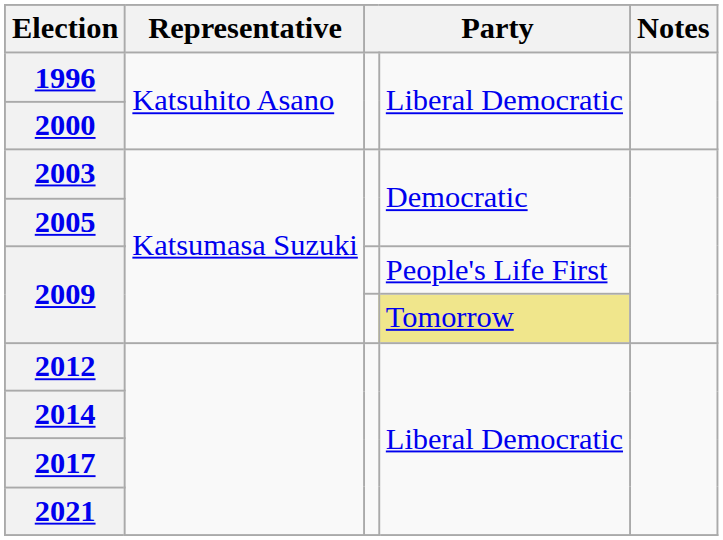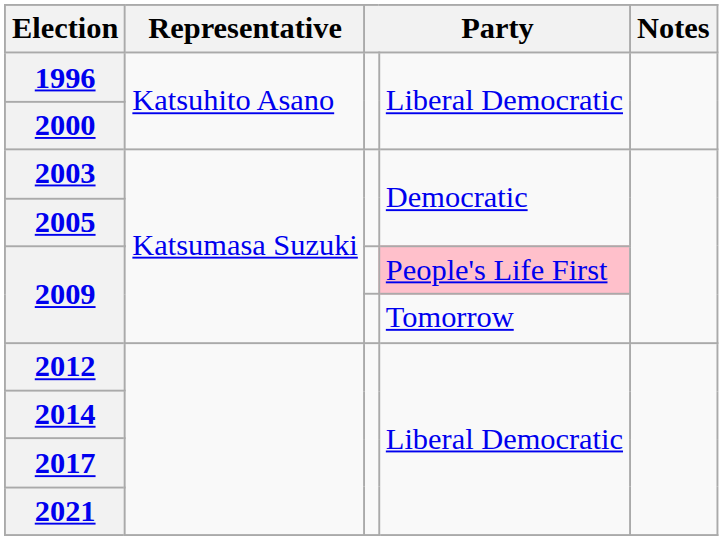 <table class=wikitable>
 <tr valign=bottom>
 <th>Election</th>
 <th>Representative</th>
 <th colspan="2">Party</th>
 <th>Notes</th>
 </tr>
 <tr>
 <th><a href='#'>1996</a></th>
 <td rowspan="2"><a href='#'>Katsuhito Asano</a></td>
 <td rowspan="2" bgcolor=></td>
 <td rowspan="2"><a href='#'>Liberal Democratic</a></td>
 <td rowspan="2"></td>
 </tr>
 <tr>
 <th><a href='#'>2000</a></th>
 </tr>
 <tr>
 <th><a href='#'>2003</a></th>
 <td rowspan="5"><a href='#'>Katsumasa Suzuki</a></td>
 <td rowspan="3" bgcolor=></td>
 <td rowspan="3"><a href='#'>Democratic</a></td>
 <td rowspan="5"></td>
 </tr>
 <tr>
 <th><a href='#'>2005</a></th>
 </tr>
 <tr>
 <th rowspan="3"><a href='#'>2009</a></th>
 </tr>
 <tr>
 <td bgcolor=></td>
-<td><a href='#'>People's Life First</a></td>
+<td style="background: pink;"><a href='#'>People's Life First</a></td>
 </tr>
 <tr>
 <td bgcolor=></td>
-<td style="background: khaki;"><a href='#'>Tomorrow</a></td>
+<td><a href='#'>Tomorrow</a></td>
 </tr>
 <tr>
 <th><a href='#'>2012</a></th>
 <td rowspan="4"></td>
 <td rowspan="4" bgcolor=></td>
 <td rowspan="4"><a href='#'>Liberal Democratic</a></td>
 <td rowspan="4"></td>
 </tr>
 <tr>
 <th><a href='#'>2014</a></th>
 </tr>
 <tr>
 <th><a href='#'>2017</a></th>
 </tr>
 <tr>
 <th><a href='#'>2021</a></th>
 </tr>
 </table>
